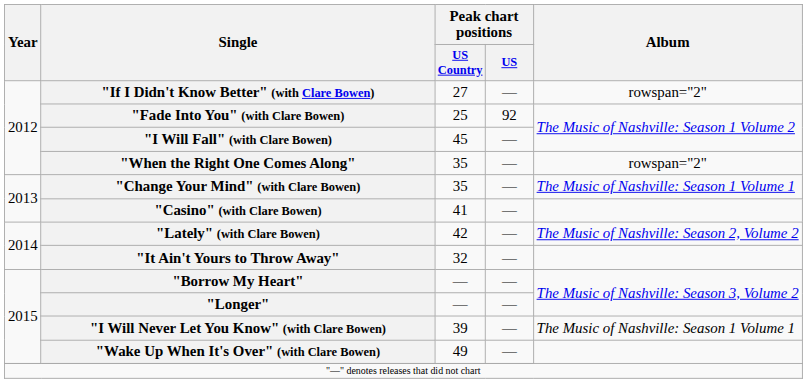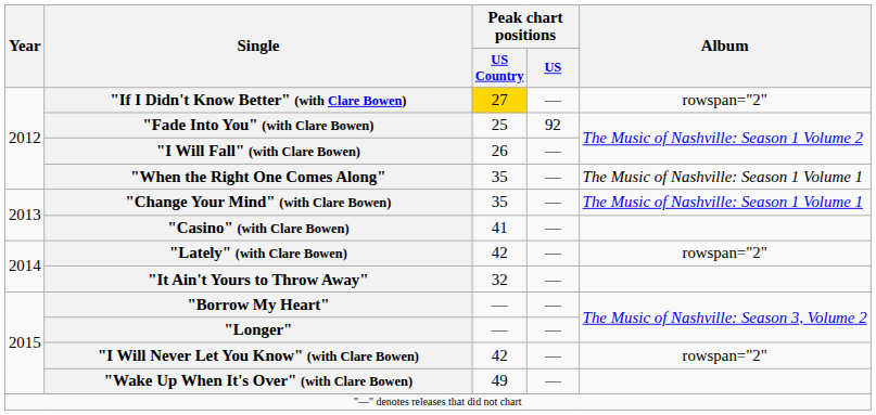 <table class="wikitable plainrowheaders" style="text-align:center;">
 <tr>
 <th rowspan="2">Year</th>
 <th rowspan="2" style="width:26em;">Single</th>
 <th colspan="2">Peak chart<br>positions</th>
 <th rowspan="2">Album</th>
 </tr>
 <tr style="font-size:smaller;">
 <th style="width:45px;"><a href='#'>US Country</a><br></th>
 <th style="width:45px;"><a href='#'>US</a><br></th>
 </tr>
 <tr>
 <td rowspan="4">2012</td>
 <th scope="row">"If I Didn't Know Better" <small>(with <a href='#'>Clare Bowen</a>)</small></th>
-<td>27</td>
+<td style="background: gold;">27</td>
 <td>—</td>
 <td>rowspan="2" </td>
 </tr>
 <tr>
 <th scope="row">"Fade Into You" <small>(with Clare Bowen)</small></th>
 <td>25</td>
 <td>92</td>
 <td style="text-align:left;" rowspan="2"><em><a href='#'>The Music of Nashville: Season 1 Volume 2</a></em></td>
 </tr>
 <tr>
 <th scope="row">"I Will Fall" <small>(with Clare Bowen)</small></th>
-<td>45</td>
+<td>26</td>
 <td>—</td>
 </tr>
 <tr>
 <th scope="row">"When the Right One Comes Along"</th>
 <td>35</td>
 <td>—</td>
-<td>rowspan="2" </td>
+<td style="text-align:left;"><em>The Music of Nashville: Season 1 Volume 1</em></td>
 </tr>
 <tr>
 <td rowspan="2">2013</td>
 <th scope="row">"Change Your Mind" <small>(with Clare Bowen)</small></th>
 <td>35</td>
 <td>—</td>
 <td style="text-align:left;"><em><a href='#'>The Music of Nashville: Season 1 Volume 1</a></em></td>
 </tr>
 <tr>
 <th scope="row">"Casino" <small>(with Clare Bowen)</small></th>
 <td>41</td>
 <td>—</td>
 </tr>
 <tr>
 <td rowspan="2">2014</td>
 <th scope="row">"Lately" <small>(with Clare Bowen)</small></th>
 <td>42</td>
 <td>—</td>
-<td style="text-align:left;"><em><a href='#'>The Music of Nashville: Season 2, Volume 2</a></em></td>
+<td>rowspan="2" </td>
 </tr>
 <tr>
 <th scope="row">"It Ain't Yours to Throw Away"</th>
 <td>32</td>
 <td>—</td>
 <td></td>
 </tr>
 <tr>
 <td rowspan="4">2015</td>
 <th scope="row">"Borrow My Heart" </th>
 <td>—</td>
 <td>—</td>
 <td style="text-align:left;" rowspan="2"><em><a href='#'>The Music of Nashville: Season 3, Volume 2</a></em></td>
 </tr>
 <tr>
 <th scope="row">"Longer" </th>
 <td>—</td>
 <td>—</td>
 </tr>
 <tr>
 <th scope="row">"I Will Never Let You Know" <small>(with Clare Bowen)</small></th>
-<td>39</td>
+<td>42</td>
 <td>—</td>
-<td style="text-align:left;"><em>The Music of Nashville: Season 1 Volume 1</em></td>
+<td>rowspan="2" </td>
 </tr>
 <tr>
 <th scope="row">"Wake Up When It's Over" <small>(with Clare Bowen)</small></th>
 <td>49</td>
 <td>—</td>
 </tr>
 <tr>
 </tr>
 <tr>
 <td colspan="5" style="font-size:8pt">"—" denotes releases that did not chart</td>
 </tr>
 </table>
